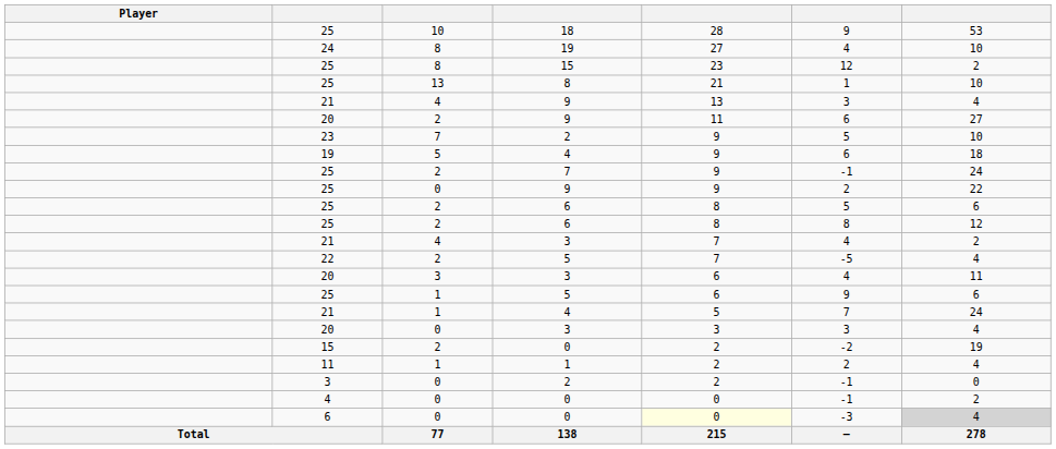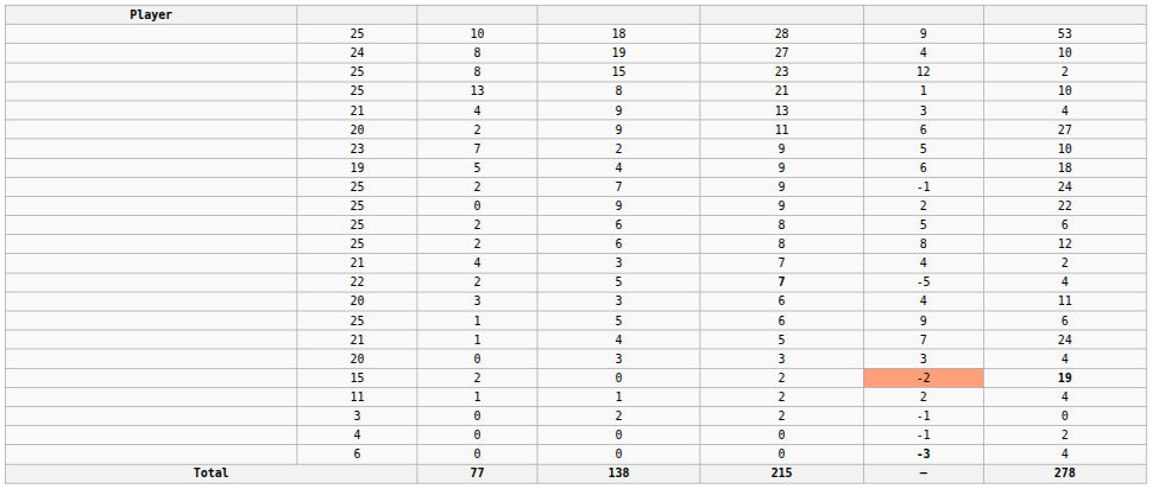 <table class="wikitable sortable" style="width:100%; text-align:center;">
 <tr>
 <th>Player</th>
 <th></th>
 <th></th>
 <th></th>
 <th></th>
 <th data-sort-type="number"></th>
 <th></th>
 </tr>
 <tr>
 <td></td>
 <td>25</td>
 <td>10</td>
 <td>18</td>
 <td>28</td>
 <td>9</td>
 <td>53</td>
 </tr>
 <tr>
 <td></td>
 <td>24</td>
 <td>8</td>
 <td>19</td>
 <td>27</td>
 <td>4</td>
 <td>10</td>
 </tr>
 <tr>
 <td></td>
 <td>25</td>
 <td>8</td>
 <td>15</td>
 <td>23</td>
 <td>12</td>
 <td>2</td>
 </tr>
 <tr>
 <td></td>
 <td>25</td>
 <td>13</td>
 <td>8</td>
 <td>21</td>
 <td>1</td>
 <td>10</td>
 </tr>
 <tr>
 <td></td>
 <td>21</td>
 <td>4</td>
 <td>9</td>
 <td>13</td>
 <td>3</td>
 <td>4</td>
 </tr>
 <tr>
 <td></td>
 <td>20</td>
 <td>2</td>
 <td>9</td>
 <td>11</td>
 <td>6</td>
 <td>27</td>
 </tr>
 <tr>
 <td></td>
 <td>23</td>
 <td>7</td>
 <td>2</td>
 <td>9</td>
 <td>5</td>
 <td>10</td>
 </tr>
 <tr>
 <td></td>
 <td>19</td>
 <td>5</td>
 <td>4</td>
 <td>9</td>
 <td>6</td>
 <td>18</td>
 </tr>
 <tr>
 <td></td>
 <td>25</td>
 <td>2</td>
 <td>7</td>
 <td>9</td>
 <td>-1</td>
 <td>24</td>
 </tr>
 <tr>
 <td></td>
 <td>25</td>
 <td>0</td>
 <td>9</td>
 <td>9</td>
 <td>2</td>
 <td>22</td>
 </tr>
 <tr>
 <td></td>
 <td>25</td>
 <td>2</td>
 <td>6</td>
 <td>8</td>
 <td>5</td>
 <td>6</td>
 </tr>
 <tr>
 <td></td>
 <td>25</td>
 <td>2</td>
 <td>6</td>
 <td>8</td>
 <td>8</td>
 <td>12</td>
 </tr>
 <tr>
 <td></td>
 <td>21</td>
 <td>4</td>
 <td>3</td>
 <td>7</td>
 <td>4</td>
 <td>2</td>
 </tr>
 <tr>
 <td></td>
 <td>22</td>
 <td>2</td>
 <td>5</td>
-<td>7</td>
+<td><strong>7</strong></td>
 <td>-5</td>
 <td>4</td>
 </tr>
 <tr>
 <td></td>
 <td>20</td>
 <td>3</td>
 <td>3</td>
 <td>6</td>
 <td>4</td>
 <td>11</td>
 </tr>
 <tr>
 <td></td>
 <td>25</td>
 <td>1</td>
 <td>5</td>
 <td>6</td>
 <td>9</td>
 <td>6</td>
 </tr>
 <tr>
 <td></td>
 <td>21</td>
 <td>1</td>
 <td>4</td>
 <td>5</td>
 <td>7</td>
 <td>24</td>
 </tr>
 <tr>
 <td></td>
 <td>20</td>
 <td>0</td>
 <td>3</td>
 <td>3</td>
 <td>3</td>
 <td>4</td>
 </tr>
 <tr>
 <td></td>
 <td>15</td>
 <td>2</td>
 <td>0</td>
 <td>2</td>
-<td>-2</td>
-<td>19</td>
+<td style="background: lightsalmon;">-2</td>
+<td><strong>19</strong></td>
 </tr>
 <tr>
 <td></td>
 <td>11</td>
 <td>1</td>
 <td>1</td>
 <td>2</td>
 <td>2</td>
 <td>4</td>
 </tr>
 <tr>
 <td></td>
 <td>3</td>
 <td>0</td>
 <td>2</td>
 <td>2</td>
 <td>-1</td>
 <td>0</td>
 </tr>
 <tr>
 <td></td>
 <td>4</td>
 <td>0</td>
 <td>0</td>
 <td>0</td>
 <td>-1</td>
 <td>2</td>
 </tr>
 <tr>
 <td></td>
 <td>6</td>
 <td>0</td>
 <td>0</td>
-<td style="background: lightyellow;">0</td>
-<td>-3</td>
-<td style="background: lightgrey;">4</td>
+<td>0</td>
+<td><strong>-3</strong></td>
+<td>4</td>
 </tr>
 <tr class="sortbottom">
 <th colspan=2>Total</th>
 <th>77</th>
 <th>138</th>
 <th>215</th>
 <th>—</th>
 <th>278</th>
 </tr>
 </table>
